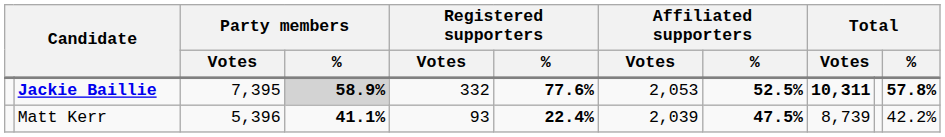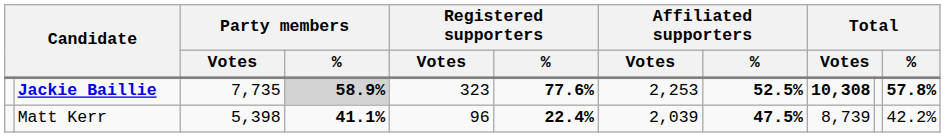 <table class="wikitable" style="font-size: 95%;">
 <tr>
 <th colspan="2" scope="col" rowspan="2" style="width:125px;">Candidate</th>
 <th scope="col" colspan="2" style="width:150px;">Party members</th>
 <th scope="col" colspan="2" style="width:150px;">Registered supporters</th>
 <th scope="col" colspan="2" style="width:150px;">Affiliated supporters</th>
 <th scope="col" colspan="3" style="width:75px;">Total</th>
 </tr>
 <tr style="background:#e9e9e9; border-bottom:2px solid gray;">
 <th>Votes</th>
 <th>%</th>
 <th>Votes</th>
 <th>%</th>
 <th>Votes</th>
 <th>%</th>
 <th scope="col" colspan="2">Votes</th>
 <th>%</th>
 </tr>
 <tr style="text-align:right;">
 <td style="background-color: "></td>
 <td scope="row" style="text-align:left;"><strong><a href='#'>Jackie Baillie</a></strong></td>
-<td>7,395</td>
+<td>7,735</td>
 <td style="background: lightgrey;"><strong>58.9%</strong></td>
-<td>332</td>
+<td>323</td>
 <td><strong>77.6%</strong></td>
-<td>2,053</td>
+<td>2,253</td>
 <td><strong>52.5%</strong></td>
-<td><strong>10,311</strong></td>
+<td><strong>10,308</strong></td>
 <td align=center></td>
 <td><strong>57.8%</strong></td>
 </tr>
 <tr style="text-align:right;">
 <td style="background-color: "></td>
 <td scope="row" style="text-align:left;">Matt Kerr</td>
-<td>5,396</td>
+<td>5,398</td>
 <td><strong>41.1%</strong></td>
-<td>93</td>
+<td>96</td>
 <td><strong>22.4%</strong></td>
 <td>2,039</td>
 <td><strong>47.5%</strong></td>
 <td>8,739</td>
 <td align=center></td>
 <td>42.2%</td>
 </tr>
 </table>
